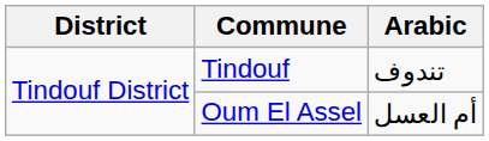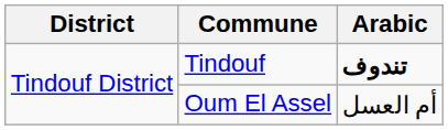 <table class="wikitable sortable">
 <tr>
 <th>District</th>
 <th>Commune</th>
 <th>Arabic</th>
 </tr>
 <tr>
 <td rowspan="2"><a href='#'>Tindouf District</a></td>
 <td><a href='#'>Tindouf</a></td>
-<td>تندوف</td>
+<td><strong>تندوف</strong></td>
 </tr>
 <tr>
 <td><a href='#'>Oum El Assel</a></td>
 <td>أم العسل</td>
 </tr>
 </table>
